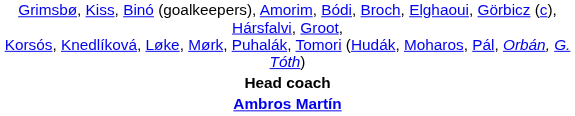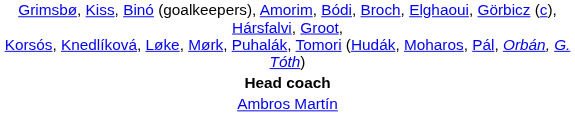 <table style="text-align: center; margin-top: 1em; margin-left: auto; margin-right: auto">
 <tr>
 <td><a href='#'>Grimsbø</a>, <a href='#'>Kiss</a>, <a href='#'>Binó</a> (goalkeepers), <a href='#'>Amorim</a>, <a href='#'>Bódi</a>, <a href='#'>Broch</a>, <a href='#'>Elghaoui</a>, <a href='#'>Görbicz</a> (<a href='#'>c</a>), <a href='#'>Hársfalvi</a>, <a href='#'>Groot</a>,<br><a href='#'>Korsós</a>, <a href='#'>Knedlíková</a>, <a href='#'>Løke</a>, <a href='#'>Mørk</a>, <a href='#'>Puhalák</a>, <a href='#'>Tomori</a> (<a href='#'>Hudák</a>, <a href='#'>Moharos</a>, <a href='#'>Pál</a>, <em><a href='#'>Orbán</a>, <a href='#'>G. Tóth</a></em>)</td>
 </tr>
 <tr>
 <td><strong>Head coach</strong></td>
 </tr>
 <tr>
-<td><strong><a href='#'>Ambros Martín</a></strong></td>
+<td><a href='#'>Ambros Martín</a></td>
 </tr>
 </table>
